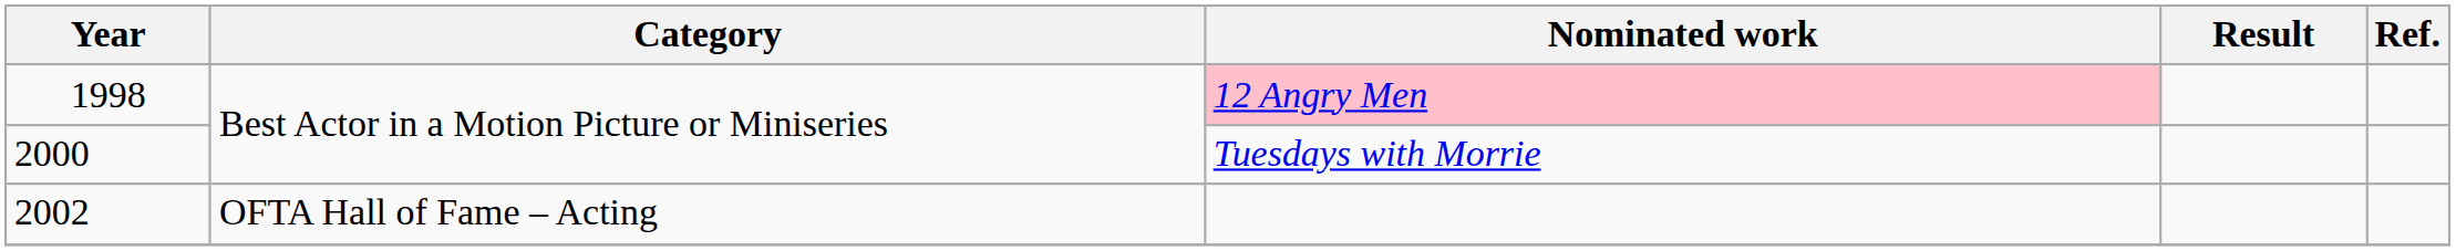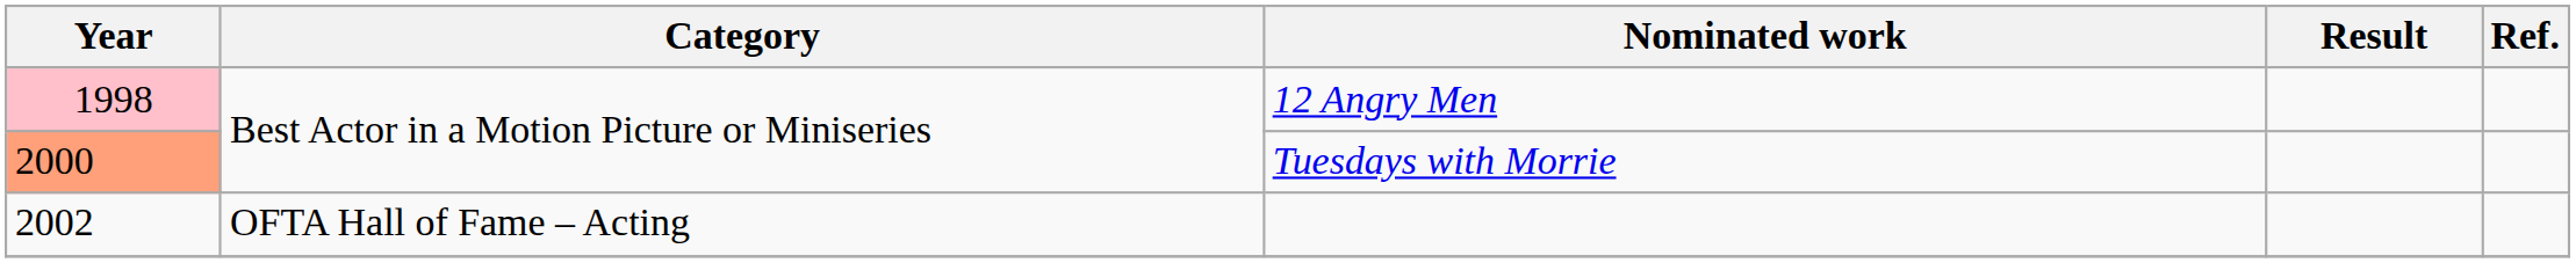 <table class=wikitable>
 <tr>
 <th scope="col" style="width:5em;">Year</th>
 <th scope="col" style="width:26em;">Category</th>
 <th scope="col" style="width:25em;">Nominated work</th>
 <th scope="col" style="width:5em;">Result</th>
 <th>Ref.</th>
 </tr>
 <tr>
-<td style="text-align:center;">1998</td>
+<td style="background: pink; text-align:center;">1998</td>
 <td rowspan="2">Best Actor in a Motion Picture or Miniseries</td>
-<td style="background: pink;"><em><a href='#'>12 Angry Men</a></em></td>
+<td><em><a href='#'>12 Angry Men</a></em></td>
 <td></td>
 <td></td>
 </tr>
 <tr>
-<td>2000</td>
+<td style="background: lightsalmon;">2000</td>
 <td><em><a href='#'>Tuesdays with Morrie</a></em></td>
 <td></td>
 <td></td>
 </tr>
 <tr>
 <td>2002</td>
 <td>OFTA Hall of Fame – Acting</td>
 <td></td>
 <td></td>
 <td></td>
 </tr>
 <tr>
 </tr>
 </table>
